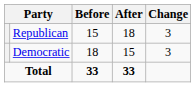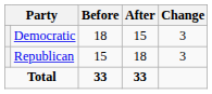 <table class="wikitable" style="text-align:center;">
 <tr>
 <th colspan="2">Party</th>
 <th>Before</th>
 <th>After</th>
 <th>Change</th>
 </tr>
 <tr>
 <th style="background-color:"></th>
-<td style="text-align:left;"><a href='#'>Republican</a></td>
+<td style="text-align:left;"><a href='#'>Democratic</a></td>
+<td>18</td>
 <td>15</td>
-<td>18</td>
 <td> 3</td>
 </tr>
 <tr>
 <th style="background-color:"></th>
-<td style="text-align:left;"><a href='#'>Democratic</a></td>
+<td style="text-align:left;"><a href='#'>Republican</a></td>
+<td>15</td>
 <td>18</td>
-<td>15</td>
 <td> 3</td>
 </tr>
 <tr>
 <td colspan="2"><strong>Total</strong></td>
 <td><strong>33</strong></td>
 <td><strong>33</strong></td>
 <td></td>
 </tr>
 </table>
